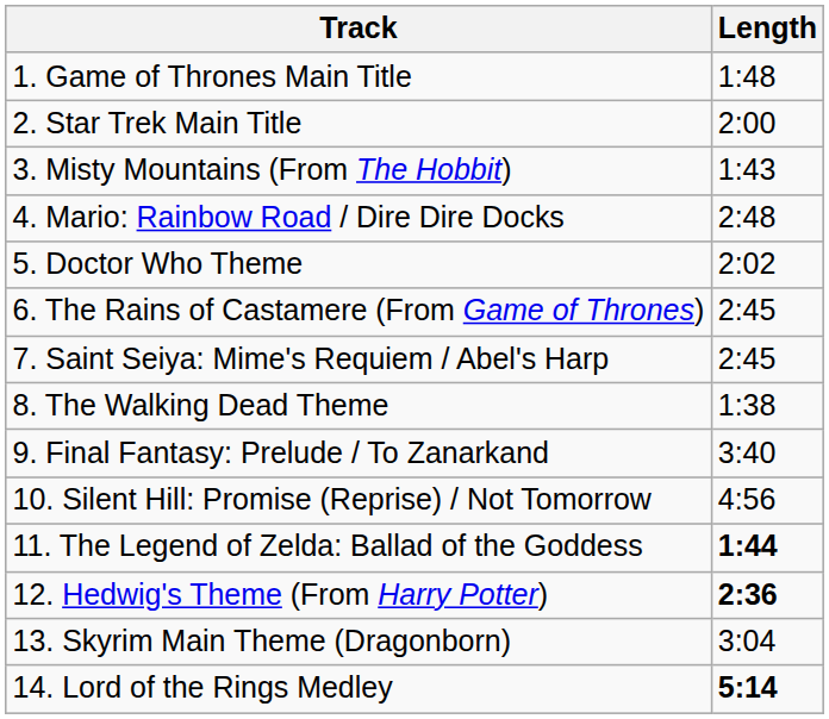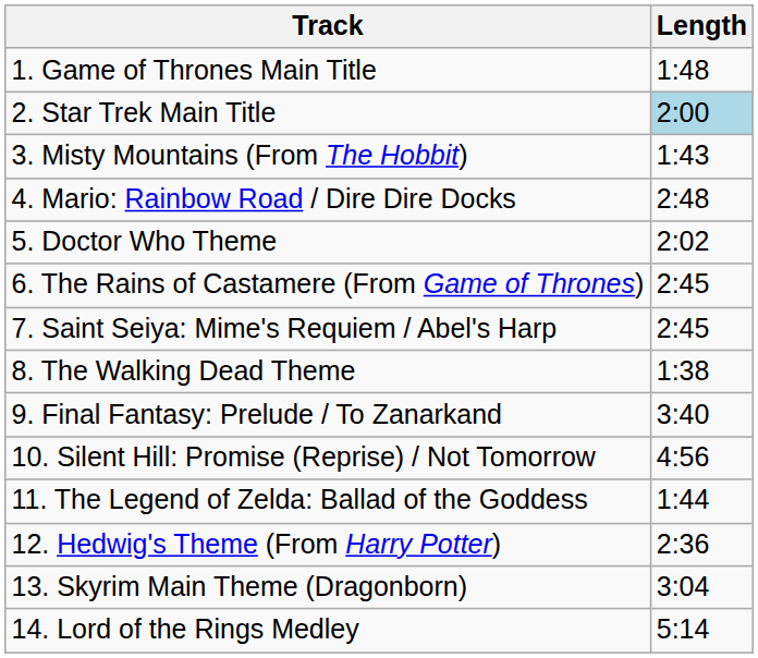 <table class="wikitable sortable">
 <tr>
 <th>Track</th>
 <th>Length</th>
 </tr>
 <tr>
 <td>1. Game of Thrones Main Title</td>
 <td>1:48</td>
 </tr>
 <tr>
 <td>2. Star Trek Main Title</td>
-<td>2:00</td>
+<td style="background: lightblue;">2:00</td>
 </tr>
 <tr>
 <td>3. Misty Mountains (From <em><a href='#'>The Hobbit</a></em>)</td>
 <td>1:43</td>
 </tr>
 <tr>
 <td>4. Mario: <a href='#'>Rainbow Road</a> / Dire Dire Docks</td>
 <td>2:48</td>
 </tr>
 <tr>
 <td>5. Doctor Who Theme</td>
 <td>2:02</td>
 </tr>
 <tr>
 <td>6. The Rains of Castamere (From <em><a href='#'>Game of Thrones</a></em>)</td>
 <td>2:45</td>
 </tr>
 <tr>
 <td>7. Saint Seiya: Mime's Requiem / Abel's Harp</td>
 <td>2:45</td>
 </tr>
 <tr>
 <td>8. The Walking Dead Theme</td>
 <td>1:38</td>
 </tr>
 <tr>
 <td>9. Final Fantasy: Prelude / To Zanarkand</td>
 <td>3:40</td>
 </tr>
 <tr>
 <td>10. Silent Hill: Promise (Reprise) / Not Tomorrow</td>
 <td>4:56</td>
 </tr>
 <tr>
 <td>11. The Legend of Zelda: Ballad of the Goddess</td>
-<td><strong>1:44</strong></td>
+<td>1:44</td>
 </tr>
 <tr>
 <td>12. <a href='#'>Hedwig's Theme</a> (From <em><a href='#'>Harry Potter</a></em>)</td>
-<td><strong>2:36</strong></td>
+<td>2:36</td>
 </tr>
 <tr>
 <td>13. Skyrim Main Theme (Dragonborn)</td>
 <td>3:04</td>
 </tr>
 <tr>
 <td>14. Lord of the Rings Medley</td>
-<td><strong>5:14</strong></td>
+<td>5:14</td>
 </tr>
 </table>
